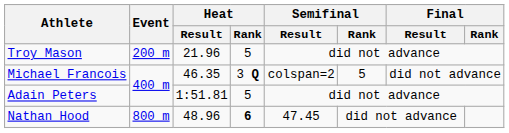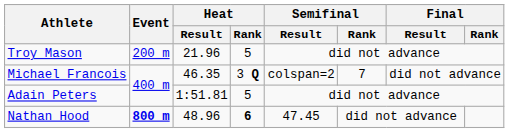 <table class="wikitable" style="font-size:90%; text-align:center">
 <tr>
 <th rowspan=2>Athlete</th>
 <th rowspan=2>Event</th>
 <th colspan=2>Heat</th>
 <th colspan=2>Semifinal</th>
 <th colspan=2>Final</th>
 </tr>
 <tr style="font-size:95%">
 <th>Result</th>
 <th>Rank</th>
 <th>Result</th>
 <th>Rank</th>
 <th>Result</th>
 <th>Rank</th>
 </tr>
 <tr>
 <td align=left><a href='#'>Troy Mason</a></td>
 <td align=left rowspan=1><a href='#'>200 m</a></td>
 <td>21.96</td>
 <td>5</td>
 <td colspan=4>did not advance</td>
 </tr>
 <tr>
 <td align=left><a href='#'>Michael Francois</a></td>
 <td align=left rowspan=2><a href='#'>400 m</a></td>
 <td>46.35</td>
 <td>3 <strong>Q</strong></td>
 <td>colspan=2 </td>
-<td>5</td>
+<td>7</td>
 <td colspan=2>did not advance</td>
 </tr>
 <tr>
 <td align=left><a href='#'>Adain Peters</a></td>
 <td>1:51.81</td>
 <td>5</td>
 <td colspan=4>did not advance</td>
 </tr>
 <tr>
 <td align=left><a href='#'>Nathan Hood</a></td>
-<td align=left rowspan=1><a href='#'>800 m</a></td>
+<td align=left rowspan=1><strong><a href='#'>800 m</a></strong></td>
 <td>48.96</td>
 <td><strong>6</strong></td>
 <td>47.45</td>
 <td colspan=2>did not advance</td>
 </tr>
 </table>
